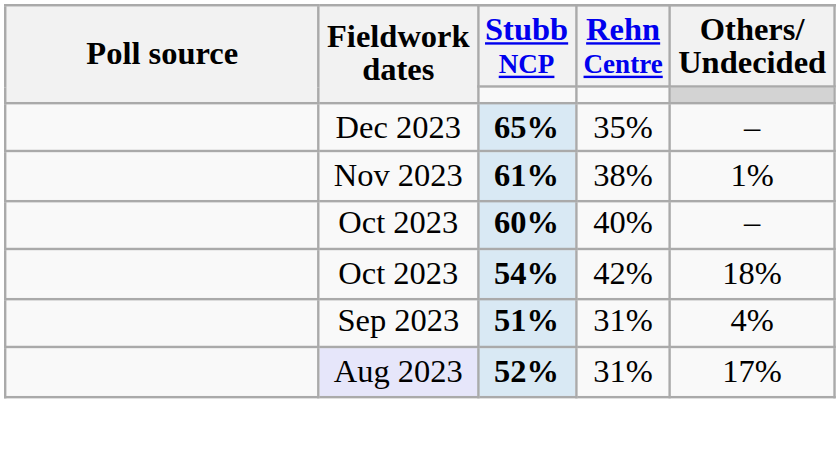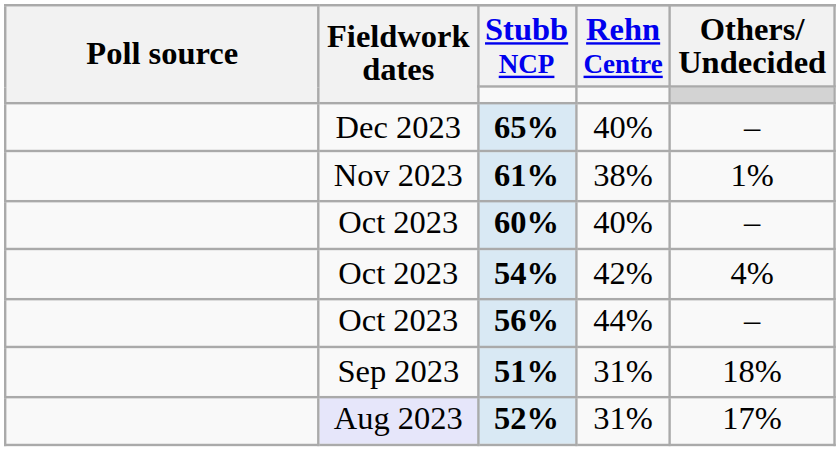 <table class="wikitable mw-collapsible mw-collapsed" style="text-align:center;font-size:85%;line-height:14px;">
 <tr bgcolor="lightgray">
 <th rowspan="3" style="width:125px;">Poll source</th>
 <th rowspan="3">Fieldwork<br>dates</th>
 </tr>
 <tr>
 <th><a href='#'>Stubb</a><br><small><a href='#'>NCP</a></small></th>
 <th><a href='#'>Rehn</a><br><small><a href='#'>Centre</a></small></th>
 <th>Others/<br>Undecided</th>
 </tr>
 <tr>
 <td></td>
 <td></td>
 <td bgcolor="lightgray"></td>
 </tr>
 <tr>
 <td></td>
 <td>Dec 2023</td>
 <td style="background:#D9E9F4;"><strong>65%</strong></td>
-<td>35%</td>
+<td>40%</td>
 <td>–</td>
 </tr>
 <tr>
 <td></td>
 <td>Nov 2023</td>
 <td style="background:#D9E9F4;"><strong>61%</strong></td>
 <td>38%</td>
 <td>1%</td>
 </tr>
 <tr>
 <td></td>
 <td>Oct 2023</td>
 <td style="background:#D9E9F4;"><strong>60%</strong></td>
 <td>40%</td>
 <td>–</td>
 </tr>
 <tr>
 <td></td>
 <td>Oct 2023</td>
 <td style="background:#D9E9F4;"><strong>54%</strong></td>
 <td>42%</td>
-<td>18%</td>
+<td>4%</td>
+</tr>
+<tr>
+<td></td>
+<td>Oct 2023</td>
+<td style="background:#D9E9F4;"><strong>56%</strong></td>
+<td>44%</td>
+<td>–</td>
 </tr>
 <tr>
 <td></td>
 <td>Sep 2023</td>
 <td style="background:#D9E9F4;"><strong>51%</strong></td>
 <td>31%</td>
-<td>4%</td>
+<td>18%</td>
 </tr>
 <tr>
 <td></td>
 <td style="background: lavender;">Aug 2023</td>
 <td style="background:#D9E9F4;"><strong>52%</strong></td>
 <td>31%</td>
 <td>17%</td>
 </tr>
 </table>
